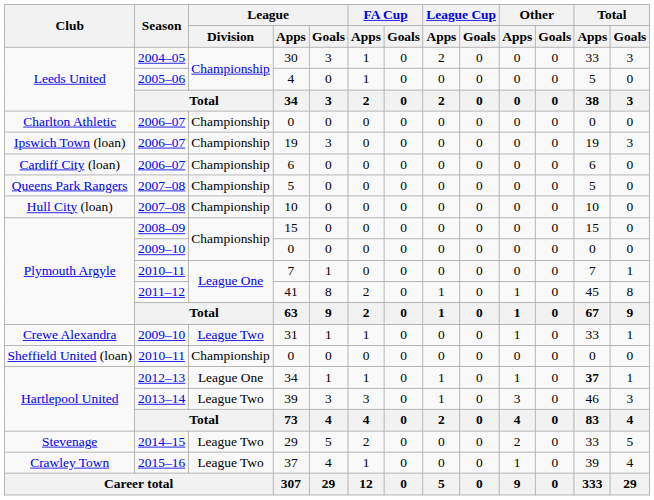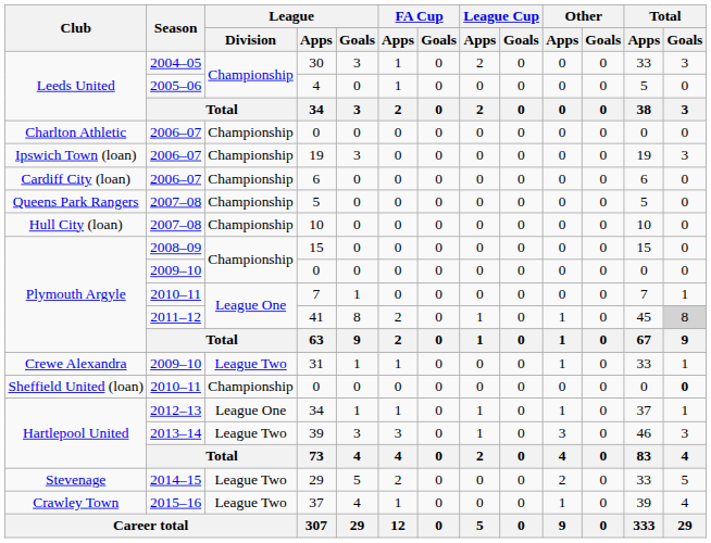 <table class="wikitable" style="text-align: center">
 <tr>
 <th rowspan="2">Club</th>
 <th rowspan="2">Season</th>
 <th colspan="3">League</th>
 <th colspan="2"><a href='#'>FA Cup</a></th>
 <th colspan="2"><a href='#'>League Cup</a></th>
 <th colspan="2">Other</th>
 <th colspan="2">Total</th>
 </tr>
 <tr>
 <th>Division</th>
 <th>Apps</th>
 <th>Goals</th>
 <th>Apps</th>
 <th>Goals</th>
 <th>Apps</th>
 <th>Goals</th>
 <th>Apps</th>
 <th>Goals</th>
 <th>Apps</th>
 <th>Goals</th>
 </tr>
 <tr>
 <td rowspan="3"><a href='#'>Leeds United</a></td>
 <td><a href='#'>2004–05</a></td>
 <td rowspan="2"><a href='#'>Championship</a></td>
 <td>30</td>
 <td>3</td>
 <td>1</td>
 <td>0</td>
 <td>2</td>
 <td>0</td>
 <td>0</td>
 <td>0</td>
 <td>33</td>
 <td>3</td>
 </tr>
 <tr>
 <td><a href='#'>2005–06</a></td>
 <td>4</td>
 <td>0</td>
 <td>1</td>
 <td>0</td>
 <td>0</td>
 <td>0</td>
 <td>0</td>
 <td>0</td>
 <td>5</td>
 <td>0</td>
 </tr>
 <tr>
 <th colspan=2>Total</th>
 <th>34</th>
 <th>3</th>
 <th>2</th>
 <th>0</th>
 <th>2</th>
 <th>0</th>
 <th>0</th>
 <th>0</th>
 <th>38</th>
 <th>3</th>
 </tr>
 <tr>
 <td><a href='#'>Charlton Athletic</a></td>
 <td><a href='#'>2006–07</a></td>
 <td>Championship</td>
 <td>0</td>
 <td>0</td>
 <td>0</td>
 <td>0</td>
 <td>0</td>
 <td>0</td>
 <td>0</td>
 <td>0</td>
 <td>0</td>
 <td>0</td>
 </tr>
 <tr>
 <td><a href='#'>Ipswich Town</a> (loan)</td>
 <td><a href='#'>2006–07</a></td>
 <td>Championship</td>
 <td>19</td>
 <td>3</td>
 <td>0</td>
 <td>0</td>
 <td>0</td>
 <td>0</td>
 <td>0</td>
 <td>0</td>
 <td>19</td>
 <td>3</td>
 </tr>
 <tr>
 <td><a href='#'>Cardiff City</a> (loan)</td>
 <td><a href='#'>2006–07</a></td>
 <td>Championship</td>
 <td>6</td>
 <td>0</td>
 <td>0</td>
 <td>0</td>
 <td>0</td>
 <td>0</td>
 <td>0</td>
 <td>0</td>
 <td>6</td>
 <td>0</td>
 </tr>
 <tr>
 <td><a href='#'>Queens Park Rangers</a></td>
 <td><a href='#'>2007–08</a></td>
 <td>Championship</td>
 <td>5</td>
 <td>0</td>
 <td>0</td>
 <td>0</td>
 <td>0</td>
 <td>0</td>
 <td>0</td>
 <td>0</td>
 <td>5</td>
 <td>0</td>
 </tr>
 <tr>
 <td><a href='#'>Hull City</a> (loan)</td>
 <td><a href='#'>2007–08</a></td>
 <td>Championship</td>
 <td>10</td>
 <td>0</td>
 <td>0</td>
 <td>0</td>
 <td>0</td>
 <td>0</td>
 <td>0</td>
 <td>0</td>
 <td>10</td>
 <td>0</td>
 </tr>
 <tr>
 <td rowspan="5"><a href='#'>Plymouth Argyle</a></td>
 <td><a href='#'>2008–09</a></td>
 <td rowspan="2">Championship</td>
 <td>15</td>
 <td>0</td>
 <td>0</td>
 <td>0</td>
 <td>0</td>
 <td>0</td>
 <td>0</td>
 <td>0</td>
 <td>15</td>
 <td>0</td>
 </tr>
 <tr>
 <td><a href='#'>2009–10</a></td>
 <td>0</td>
 <td>0</td>
 <td>0</td>
 <td>0</td>
 <td>0</td>
 <td>0</td>
 <td>0</td>
 <td>0</td>
 <td>0</td>
 <td>0</td>
 </tr>
 <tr>
 <td><a href='#'>2010–11</a></td>
 <td rowspan="2"><a href='#'>League One</a></td>
 <td>7</td>
 <td>1</td>
 <td>0</td>
 <td>0</td>
 <td>0</td>
 <td>0</td>
 <td>0</td>
 <td>0</td>
 <td>7</td>
 <td>1</td>
 </tr>
 <tr>
 <td><a href='#'>2011–12</a></td>
 <td>41</td>
 <td>8</td>
 <td>2</td>
 <td>0</td>
 <td>1</td>
 <td>0</td>
 <td>1</td>
 <td>0</td>
 <td>45</td>
-<td>8</td>
+<td style="background: lightgrey;">8</td>
 </tr>
 <tr>
 <th colspan=2>Total</th>
 <th>63</th>
 <th>9</th>
 <th>2</th>
 <th>0</th>
 <th>1</th>
 <th>0</th>
 <th>1</th>
 <th>0</th>
 <th>67</th>
 <th>9</th>
 </tr>
 <tr>
 <td><a href='#'>Crewe Alexandra</a></td>
 <td><a href='#'>2009–10</a></td>
 <td><a href='#'>League Two</a></td>
 <td>31</td>
 <td>1</td>
 <td>1</td>
 <td>0</td>
 <td>0</td>
 <td>0</td>
 <td>1</td>
 <td>0</td>
 <td>33</td>
 <td>1</td>
 </tr>
 <tr>
 <td><a href='#'>Sheffield United</a> (loan)</td>
 <td><a href='#'>2010–11</a></td>
 <td>Championship</td>
 <td>0</td>
 <td>0</td>
 <td>0</td>
 <td>0</td>
 <td>0</td>
 <td>0</td>
 <td>0</td>
 <td>0</td>
 <td>0</td>
-<td>0</td>
+<td><strong>0</strong></td>
 </tr>
 <tr>
 <td rowspan="3"><a href='#'>Hartlepool United</a></td>
 <td><a href='#'>2012–13</a></td>
 <td>League One</td>
 <td>34</td>
 <td>1</td>
 <td>1</td>
 <td>0</td>
 <td>1</td>
 <td>0</td>
 <td>1</td>
 <td>0</td>
-<td><strong>37</strong></td>
+<td>37</td>
 <td>1</td>
 </tr>
 <tr>
 <td><a href='#'>2013–14</a></td>
 <td>League Two</td>
 <td>39</td>
 <td>3</td>
 <td>3</td>
 <td>0</td>
 <td>1</td>
 <td>0</td>
 <td>3</td>
 <td>0</td>
 <td>46</td>
 <td>3</td>
 </tr>
 <tr>
 <th colspan=2>Total</th>
 <th>73</th>
 <th>4</th>
 <th>4</th>
 <th>0</th>
 <th>2</th>
 <th>0</th>
 <th>4</th>
 <th>0</th>
 <th>83</th>
 <th>4</th>
 </tr>
 <tr>
 <td><a href='#'>Stevenage</a></td>
 <td><a href='#'>2014–15</a></td>
 <td>League Two</td>
 <td>29</td>
 <td>5</td>
 <td>2</td>
 <td>0</td>
 <td>0</td>
 <td>0</td>
 <td>2</td>
 <td>0</td>
 <td>33</td>
 <td>5</td>
 </tr>
 <tr>
 <td><a href='#'>Crawley Town</a></td>
 <td><a href='#'>2015–16</a></td>
 <td>League Two</td>
 <td>37</td>
 <td>4</td>
 <td>1</td>
 <td>0</td>
 <td>0</td>
 <td>0</td>
 <td>1</td>
 <td>0</td>
 <td>39</td>
 <td>4</td>
 </tr>
 <tr>
 <th colspan="3">Career total</th>
 <th>307</th>
 <th>29</th>
 <th>12</th>
 <th>0</th>
 <th>5</th>
 <th>0</th>
 <th>9</th>
 <th>0</th>
 <th>333</th>
 <th>29</th>
 </tr>
 </table>
